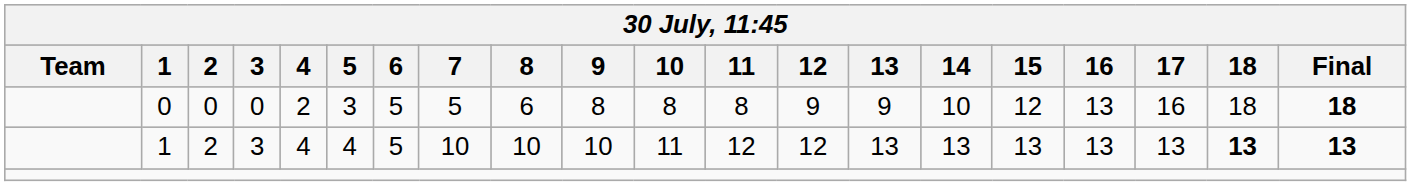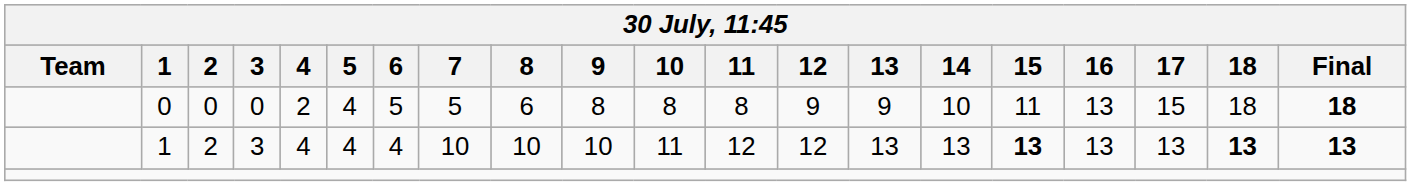 <table class=wikitable style="text-align:center; width: 55%">
 <tr>
 <th colspan=20><em>30 July, 11:45</em></th>
 </tr>
 <tr>
 <th>Team</th>
 <th>1</th>
 <th>2</th>
 <th>3</th>
 <th>4</th>
 <th>5</th>
 <th>6</th>
 <th>7</th>
 <th>8</th>
 <th>9</th>
 <th>10</th>
 <th>11</th>
 <th>12</th>
 <th>13</th>
 <th>14</th>
 <th>15</th>
 <th>16</th>
 <th>17</th>
 <th>18</th>
 <th>Final</th>
 </tr>
 <tr>
 <td align=left><strong></strong></td>
 <td>0</td>
 <td>0</td>
 <td>0</td>
 <td>2</td>
-<td>3</td>
+<td>4</td>
 <td>5</td>
 <td>5</td>
 <td>6</td>
 <td>8</td>
 <td>8</td>
 <td>8</td>
 <td>9</td>
 <td>9</td>
 <td>10</td>
-<td>12</td>
+<td>11</td>
 <td>13</td>
-<td>16</td>
+<td>15</td>
 <td>18</td>
 <td><strong>18</strong></td>
 </tr>
 <tr>
 <td align=left></td>
 <td>1</td>
 <td>2</td>
 <td>3</td>
 <td>4</td>
 <td>4</td>
-<td>5</td>
+<td>4</td>
 <td>10</td>
 <td>10</td>
 <td>10</td>
 <td>11</td>
 <td>12</td>
 <td>12</td>
 <td>13</td>
 <td>13</td>
-<td>13</td>
+<td><strong>13</strong></td>
 <td>13</td>
 <td>13</td>
 <td><strong>13</strong></td>
 <td><strong>13</strong></td>
 </tr>
 <tr>
 <td colspan=20></td>
 </tr>
 </table>
